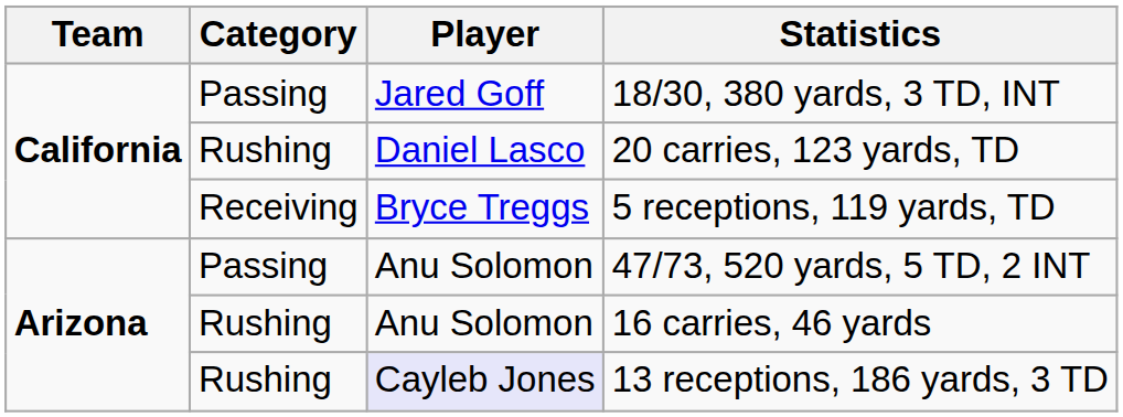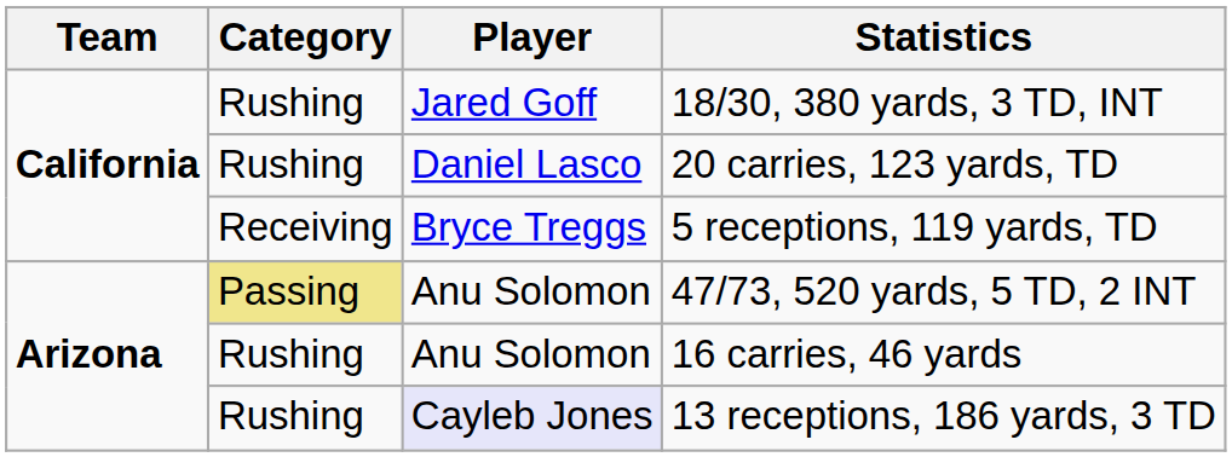 <table class="wikitable" style="float: right;">
 <tr>
 <th>Team</th>
 <th>Category</th>
 <th>Player</th>
 <th>Statistics</th>
 </tr>
 <tr>
 <td rowspan=3><strong>California</strong></td>
-<td>Passing</td>
+<td>Rushing</td>
 <td><a href='#'>Jared Goff</a></td>
 <td>18/30, 380 yards, 3 TD, INT</td>
 </tr>
 <tr>
 <td>Rushing</td>
 <td><a href='#'>Daniel Lasco</a></td>
 <td>20 carries, 123 yards, TD</td>
 </tr>
 <tr>
 <td>Receiving</td>
 <td><a href='#'>Bryce Treggs</a></td>
 <td>5 receptions, 119 yards, TD</td>
 </tr>
 <tr>
 <td rowspan=3><strong>Arizona</strong></td>
-<td>Passing</td>
+<td style="background: khaki;">Passing</td>
 <td>Anu Solomon</td>
 <td>47/73, 520 yards, 5 TD, 2 INT</td>
 </tr>
 <tr>
 <td>Rushing</td>
 <td>Anu Solomon</td>
 <td>16 carries, 46 yards</td>
 </tr>
 <tr>
 <td>Rushing</td>
 <td style="background: lavender;">Cayleb Jones</td>
 <td>13 receptions, 186 yards, 3 TD</td>
 </tr>
 </table>
